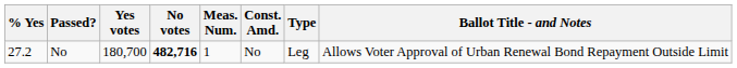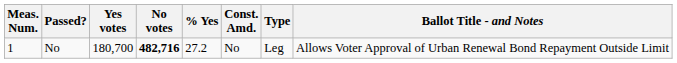 <table class="wikitable sortable">
 <tr>
-<th>% Yes<br></th>
+<th>Meas.<br>Num.</th>
 <th>Passed?</th>
 <th>Yes<br>votes</th>
 <th>No<br>votes</th>
-<th>Meas.<br>Num.</th>
+<th>% Yes<br></th>
 <th>Const.<br>Amd.</th>
 <th>Type<br></th>
 <th>Ballot Title - <em>and Notes</em></th>
 </tr>
 <tr>
-<td>27.2</td>
+<td>1</td>
 <td>No</td>
 <td>180,700</td>
 <td><strong>482,716</strong></td>
-<td>1</td>
+<td>27.2</td>
 <td>No</td>
 <td>Leg</td>
 <td>Allows Voter Approval of Urban Renewal Bond Repayment Outside Limit</td>
 </tr>
 </table>
